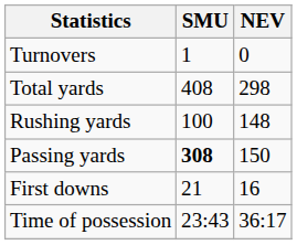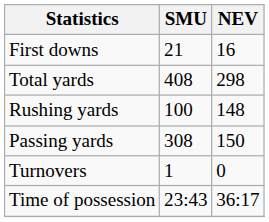 <table class="wikitable" style="float: left;">
 <tr>
 <th>Statistics</th>
 <th>SMU</th>
 <th>NEV</th>
 </tr>
 <tr>
-<td>Turnovers</td>
-<td>1</td>
-<td>0</td>
+<td>First downs</td>
+<td>21</td>
+<td>16</td>
 </tr>
 <tr>
 <td>Total yards</td>
 <td>408</td>
 <td>298</td>
 </tr>
 <tr>
 <td>Rushing yards</td>
 <td>100</td>
 <td>148</td>
 </tr>
 <tr>
 <td>Passing yards</td>
-<td><strong>308</strong></td>
+<td>308</td>
 <td>150</td>
 </tr>
 <tr>
-<td>First downs</td>
-<td>21</td>
-<td>16</td>
+<td>Turnovers</td>
+<td>1</td>
+<td>0</td>
 </tr>
 <tr>
 <td>Time of possession</td>
 <td>23:43</td>
 <td>36:17</td>
 </tr>
 <tr>
 </tr>
 </table>
